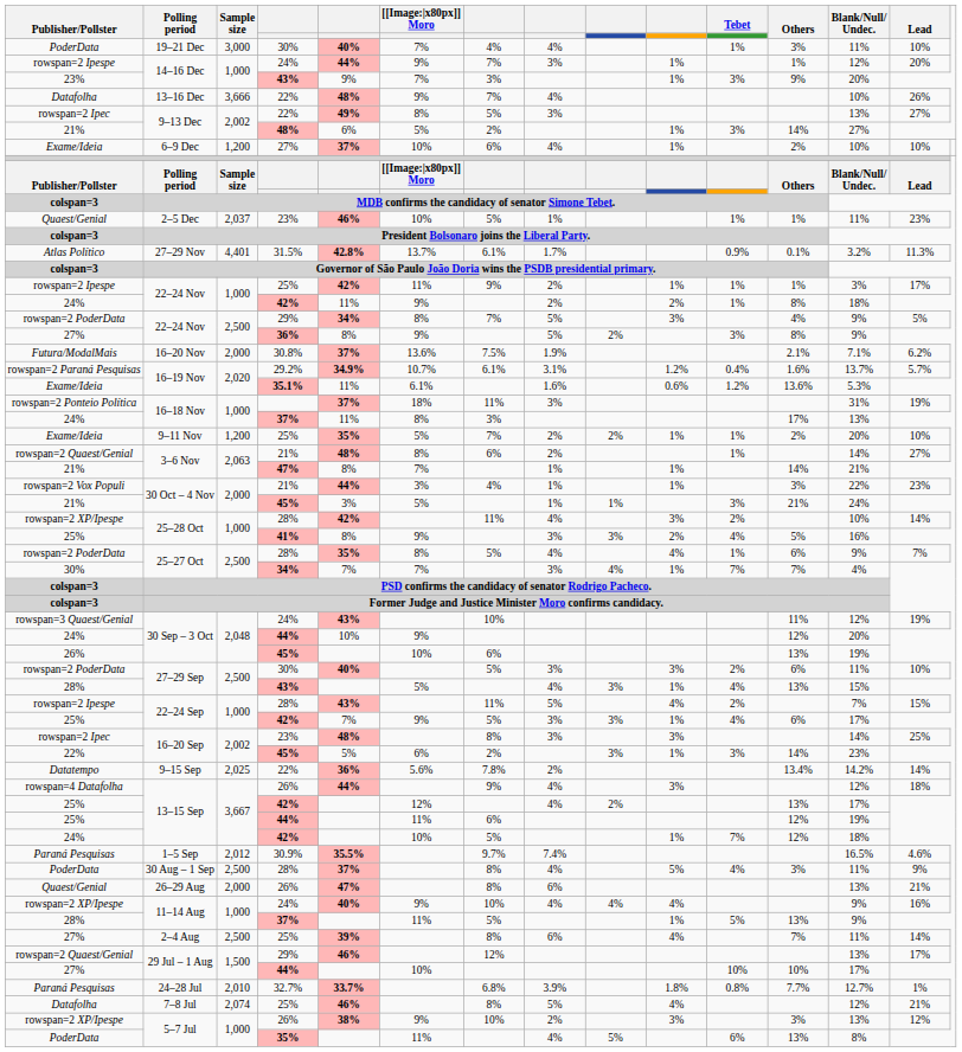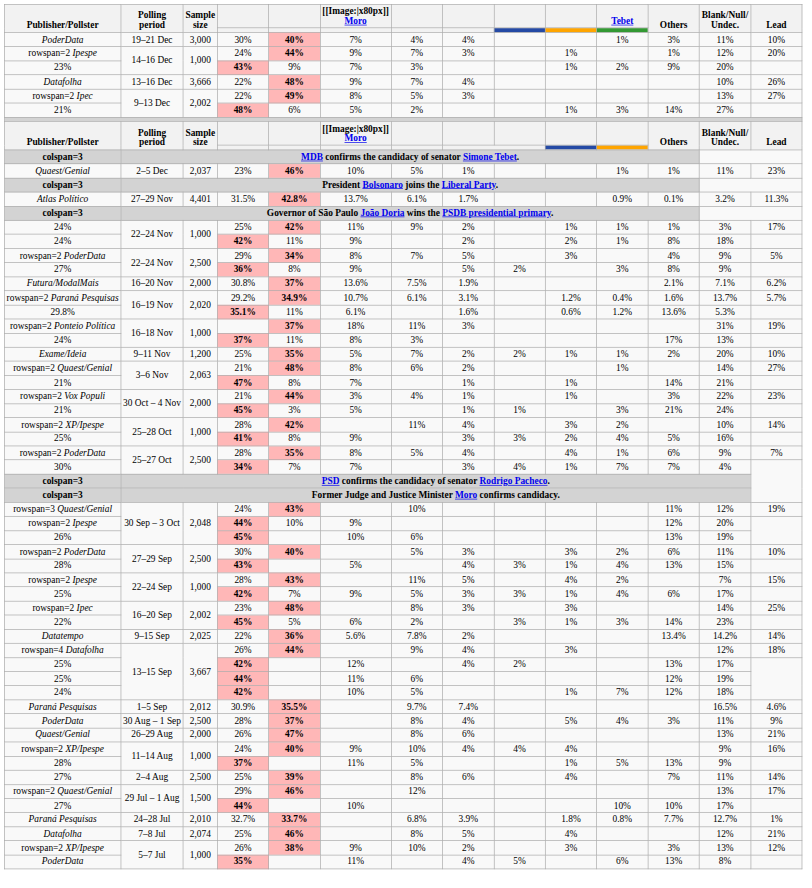 <table class="nowrap wikitable" style=text-align:center;font-size:85%;line-height:14px>
 <tr style=vertical-align:bottom>
 <th rowspan=2>Publisher/Pollster</th>
 <th rowspan=2>Polling<br>period</th>
 <th rowspan=2>Sample<br>size</th>
 <th style=width:5em><br></th>
 <th style=width:5em><br></th>
 <th style=width:5em>[[Image:|x80px]]<br><a href='#'>Moro</a><br></th>
 <th style=width:5em><br></th>
 <th style=width:5em><br></th>
 <th style=width:5em><br></th>
 <th style=width:5em><br></th>
 <th style=width:5em><br><a href='#'>Tebet</a><br></th>
 <th style=width:5em rowspan=2>Others</th>
 <th style=width:5em rowspan=2>Blank/Null/<br>Undec.</th>
 <th style=width:5em rowspan=2>Lead</th>
 </tr>
 <tr>
 <th style=background:></th>
 <th style=background:></th>
 <th style=background:></th>
 <th style=background:></th>
 <th style=background:></th>
 <th style=background:#254AA5></th>
 <th style=background:#FFA500></th>
 <th style=background:#339933></th>
 </tr>
 <tr>
 <td> <em>PoderData</em></td>
 <td>19–21 Dec</td>
 <td>3,000</td>
 <td>30%</td>
 <td style=background:#ffb7b7;font-weight:bold>40%</td>
 <td>7%</td>
 <td>4%</td>
 <td>4%</td>
 <td></td>
 <td></td>
 <td>1%</td>
 <td>3%</td>
 <td>11%</td>
 <td style=background:>10%</td>
 </tr>
 <tr>
 <td>rowspan=2  <em>Ipespe</em></td>
 <td rowspan=2>14–16 Dec</td>
 <td rowspan=2>1,000</td>
 <td>24%</td>
 <td style=background:#ffb7b7;font-weight:bold>44%</td>
 <td>9%</td>
 <td>7%</td>
 <td>3%</td>
 <td></td>
 <td>1%</td>
 <td></td>
 <td>1%</td>
 <td>12%</td>
 <td style=background:>20%</td>
 </tr>
 <tr>
 <td>23%</td>
 <td style=background:#ffb7b7;font-weight:bold>43%</td>
 <td>9%</td>
 <td>7%</td>
 <td>3%</td>
 <td></td>
 <td></td>
 <td>1%</td>
-<td>3%</td>
+<td>2%</td>
 <td>9%</td>
 <td style=background:>20%</td>
 </tr>
 <tr>
 <td> <em>Datafolha</em></td>
 <td>13–16 Dec</td>
 <td>3,666</td>
 <td>22%</td>
 <td style=background:#ffb7b7;font-weight:bold>48%</td>
 <td>9%</td>
 <td>7%</td>
 <td>4%</td>
 <td></td>
 <td></td>
 <td></td>
 <td></td>
 <td>10%</td>
 <td style=background:>26%</td>
 </tr>
 <tr>
 <td>rowspan=2  <em>Ipec</em></td>
 <td rowspan=2>9–13 Dec</td>
 <td rowspan=2>2,002</td>
 <td>22%</td>
 <td style=background:#ffb7b7;font-weight:bold>49%</td>
 <td>8%</td>
 <td>5%</td>
 <td>3%</td>
 <td></td>
 <td></td>
 <td></td>
 <td></td>
 <td>13%</td>
 <td style=background:>27%</td>
 </tr>
 <tr>
 <td>21%</td>
 <td style=background:#ffb7b7;font-weight:bold>48%</td>
 <td>6%</td>
 <td>5%</td>
 <td>2%</td>
 <td></td>
 <td></td>
 <td>1%</td>
 <td>3%</td>
 <td>14%</td>
 <td style=background:>27%</td>
-</tr>
-<tr>
-<td> <em>Exame/Ideia</em></td>
-<td>6–9 Dec</td>
-<td>1,200</td>
-<td>27%</td>
-<td style=background:#ffb7b7;font-weight:bold>37%</td>
-<td>10%</td>
-<td>6%</td>
-<td>4%</td>
-<td></td>
-<td>1%</td>
-<td></td>
-<td>2%</td>
-<td>10%</td>
-<td style=background:>10%</td>
-<td></td>
 </tr>
 <tr>
 <td colspan=14 style=background:lightgrey;></td>
 </tr>
 <tr style=vertical-align:bottom>
 <th rowspan=2>Publisher/Pollster</th>
 <th rowspan=2>Polling<br>period</th>
 <th rowspan=2>Sample<br>size</th>
 <th style=width:5em><br></th>
 <th style=width:5em><br></th>
 <th style=width:5em>[[Image:|x80px]]<br><a href='#'>Moro</a><br></th>
 <th style=width:5em><br></th>
 <th style=width:5em><br></th>
 <th style=width:5em><br></th>
 <th style=width:5em><br></th>
 <th style=width:5em><br></th>
 <th style=width:5em rowspan=2>Others<br></th>
 <th style=width:5em rowspan=2>Blank/Null/<br>Undec.</th>
 <th style=width:5em rowspan=2>Lead</th>
 </tr>
 <tr>
 <th style=background:></th>
 <th style=background:></th>
 <th style=background:></th>
 <th style=background:></th>
 <th colspan=2 style=background:></th>
 <th style=background:#254AA5></th>
 <th style=background:#FFA500></th>
 </tr>
 <tr style=background:lightgrey;font-weight:bold>
 <td>colspan=3 </td>
 <td colspan=11 class=wrap><a href='#'>MDB</a> confirms the candidacy of senator <a href='#'>Simone Tebet</a>.</td>
 </tr>
 <tr>
 <td> <em>Quaest/Genial</em></td>
 <td>2–5 Dec</td>
 <td>2,037</td>
 <td>23%</td>
 <td style=background:#ffb7b7;font-weight:bold>46%</td>
 <td>10%</td>
 <td>5%</td>
 <td>1%</td>
 <td></td>
 <td></td>
 <td>1%</td>
 <td>1%</td>
 <td>11%</td>
 <td style=background:>23%</td>
 </tr>
 <tr style=background:lightgrey;font-weight:bold>
 <td>colspan=3 </td>
 <td colspan=11 class=wrap>President <a href='#'>Bolsonaro</a> joins the <a href='#'>Liberal Party</a>.</td>
 </tr>
 <tr>
 <td> <em>Atlas Político</em></td>
 <td>27–29 Nov</td>
 <td>4,401</td>
 <td>31.5%</td>
 <td style=background:#ffb7b7;font-weight:bold>42.8%</td>
 <td>13.7%</td>
 <td>6.1%</td>
 <td>1.7%</td>
 <td></td>
 <td></td>
 <td>0.9%</td>
 <td>0.1%</td>
 <td>3.2%</td>
 <td style=background:>11.3%</td>
 </tr>
 <tr style=background:lightgrey;font-weight:bold>
 <td>colspan=3 </td>
 <td colspan=11 class=wrap>Governor of São Paulo <a href='#'>João Doria</a> wins the <a href='#'>PSDB presidential primary</a>.</td>
 </tr>
 <tr>
-<td>rowspan=2  <em>Ipespe</em></td>
+<td>24%</td>
 <td rowspan=2>22–24 Nov</td>
 <td rowspan=2>1,000</td>
 <td>25%</td>
 <td style=background:#ffb7b7;font-weight:bold>42%</td>
 <td>11%</td>
 <td>9%</td>
 <td>2%</td>
 <td></td>
 <td>1%</td>
 <td>1%</td>
 <td>1%</td>
 <td>3%</td>
 <td style=background:>17%</td>
 </tr>
 <tr>
 <td>24%</td>
 <td style=background:#ffb7b7;font-weight:bold>42%</td>
 <td>11%</td>
 <td>9%</td>
 <td></td>
 <td>2%</td>
 <td></td>
 <td>2%</td>
 <td>1%</td>
 <td>8%</td>
 <td style=background:>18%</td>
 </tr>
 <tr>
 <td>rowspan=2  <em>PoderData</em></td>
 <td rowspan=2>22–24 Nov</td>
 <td rowspan=2>2,500</td>
 <td>29%</td>
 <td style=background:#ffb7b7;font-weight:bold>34%</td>
 <td>8%</td>
 <td>7%</td>
 <td>5%</td>
 <td></td>
 <td>3%</td>
 <td></td>
 <td>4%</td>
 <td>9%</td>
 <td style=background:>5%</td>
 </tr>
 <tr>
 <td>27%</td>
 <td style=background:#ffb7b7;font-weight:bold>36%</td>
 <td>8%</td>
 <td>9%</td>
 <td></td>
 <td>5%</td>
 <td>2%</td>
 <td></td>
 <td>3%</td>
 <td>8%</td>
 <td style=background:>9%</td>
 </tr>
 <tr>
 <td> <em>Futura/ModalMais</em></td>
 <td>16–20 Nov</td>
 <td>2,000</td>
 <td>30.8%</td>
 <td style=background:#ffb7b7;font-weight:bold>37%</td>
 <td>13.6%</td>
 <td>7.5%</td>
 <td>1.9%</td>
 <td></td>
 <td></td>
 <td></td>
 <td>2.1%</td>
 <td>7.1%</td>
 <td style=background:>6.2%</td>
 </tr>
 <tr>
 <td>rowspan=2  <em>Paraná Pesquisas</em></td>
 <td rowspan=2>16–19 Nov</td>
 <td rowspan=2>2,020</td>
 <td>29.2%</td>
 <td style=background:#ffb7b7;font-weight:bold>34.9%</td>
 <td>10.7%</td>
 <td>6.1%</td>
 <td>3.1%</td>
 <td></td>
 <td>1.2%</td>
 <td>0.4%</td>
 <td>1.6%</td>
 <td>13.7%</td>
 <td style=background:>5.7%</td>
 </tr>
 <tr>
-<td> <em>Exame/Ideia</em></td>
+<td>29.8%</td>
 <td style=background:#ffb7b7;font-weight:bold>35.1%</td>
 <td>11%</td>
 <td>6.1%</td>
 <td></td>
 <td>1.6%</td>
 <td></td>
 <td>0.6%</td>
 <td>1.2%</td>
 <td>13.6%</td>
 <td style=background:>5.3%</td>
 </tr>
 <tr>
 <td>rowspan=2  <em>Ponteio Política</em></td>
 <td rowspan=2>16–18 Nov</td>
 <td rowspan=2>1,000</td>
 <td></td>
 <td style=background:#ffb7b7;font-weight:bold>37%</td>
 <td>18%</td>
 <td>11%</td>
 <td>3%</td>
 <td></td>
 <td></td>
 <td></td>
 <td></td>
 <td>31%</td>
 <td style=background:>19%</td>
 </tr>
 <tr>
 <td>24%</td>
 <td style=background:#ffb7b7;font-weight:bold>37%</td>
 <td>11%</td>
 <td>8%</td>
 <td>3%</td>
 <td></td>
 <td></td>
 <td></td>
 <td></td>
 <td>17%</td>
 <td style=background:>13%</td>
 </tr>
 <tr>
 <td> <em>Exame/Ideia</em></td>
 <td>9–11 Nov</td>
 <td>1,200</td>
 <td>25%</td>
 <td style=background:#ffb7b7;font-weight:bold>35%</td>
 <td>5%</td>
 <td>7%</td>
 <td>2%</td>
 <td>2%</td>
 <td>1%</td>
 <td>1%</td>
 <td>2%</td>
 <td>20%</td>
 <td style=background:>10%</td>
 </tr>
 <tr>
 <td>rowspan=2  <em>Quaest/Genial</em></td>
 <td rowspan=2>3–6 Nov</td>
 <td rowspan=2>2,063</td>
 <td>21%</td>
 <td style=background:#ffb7b7;font-weight:bold>48%</td>
 <td>8%</td>
 <td>6%</td>
 <td>2%</td>
 <td></td>
 <td></td>
 <td>1%</td>
 <td></td>
 <td>14%</td>
 <td style=background:>27%</td>
 </tr>
 <tr>
 <td>21%</td>
 <td style=background:#ffb7b7;font-weight:bold>47%</td>
 <td>8%</td>
 <td>7%</td>
 <td></td>
 <td>1%</td>
 <td></td>
 <td>1%</td>
 <td></td>
 <td>14%</td>
 <td style=background:>21%</td>
 </tr>
 <tr>
 <td>rowspan=2  <em>Vox Populi</em></td>
 <td rowspan=2>30 Oct – 4 Nov</td>
 <td rowspan=2>2,000</td>
 <td>21%</td>
 <td style=background:#ffb7b7;font-weight:bold>44%</td>
 <td>3%</td>
 <td>4%</td>
 <td>1%</td>
 <td></td>
 <td>1%</td>
 <td></td>
 <td>3%</td>
 <td>22%</td>
 <td style=background:>23%</td>
 </tr>
 <tr>
 <td>21%</td>
 <td style=background:#ffb7b7;font-weight:bold>45%</td>
 <td>3%</td>
 <td>5%</td>
 <td></td>
 <td>1%</td>
 <td>1%</td>
 <td></td>
 <td>3%</td>
 <td>21%</td>
 <td style=background:>24%</td>
 </tr>
 <tr>
 <td>rowspan=2  <em>XP/Ipespe</em></td>
 <td rowspan=2>25–28 Oct</td>
 <td rowspan=2>1,000</td>
 <td>28%</td>
 <td style=background:#ffb7b7;font-weight:bold>42%</td>
 <td></td>
 <td>11%</td>
 <td>4%</td>
 <td></td>
 <td>3%</td>
 <td>2%</td>
 <td></td>
 <td>10%</td>
 <td style=background:>14%</td>
 </tr>
 <tr>
 <td>25%</td>
 <td style=background:#ffb7b7;font-weight:bold>41%</td>
 <td>8%</td>
 <td>9%</td>
 <td></td>
 <td>3%</td>
 <td>3%</td>
 <td>2%</td>
 <td>4%</td>
 <td>5%</td>
 <td style=background:>16%</td>
 </tr>
 <tr>
 <td>rowspan=2  <em>PoderData</em></td>
 <td rowspan=2>25–27 Oct</td>
 <td rowspan=2>2,500</td>
 <td>28%</td>
 <td style=background:#ffb7b7;font-weight:bold>35%</td>
 <td>8%</td>
 <td>5%</td>
 <td>4%</td>
 <td></td>
 <td>4%</td>
 <td>1%</td>
 <td>6%</td>
 <td>9%</td>
 <td style=background:>7%</td>
 </tr>
 <tr>
 <td>30%</td>
 <td style=background:#ffb7b7;font-weight:bold>34%</td>
 <td>7%</td>
 <td>7%</td>
 <td></td>
 <td>3%</td>
 <td>4%</td>
 <td>1%</td>
 <td>7%</td>
 <td>7%</td>
 <td style=background:>4%</td>
 </tr>
 <tr style=background:lightgrey;font-weight:bold>
 <td>colspan=3 </td>
 <td colspan=12 style=font-weight:bold; align=center><a href='#'>PSD</a> confirms the candidacy of senator <a href='#'>Rodrigo Pacheco</a>.</td>
 </tr>
 <tr style=background:lightgrey;font-weight:bold>
 <td>colspan=3 </td>
 <td colspan=12 style=font-weight:bold; align=center>Former Judge and Justice Minister <a href='#'>Moro</a> confirms candidacy.</td>
 </tr>
 <tr>
 <td>rowspan=3  <em>Quaest/Genial</em></td>
 <td rowspan=3>30 Sep – 3 Oct</td>
 <td rowspan=3>2,048</td>
 <td>24%</td>
 <td style=background:#ffb7b7;font-weight:bold>43%</td>
 <td></td>
 <td>10%</td>
 <td></td>
 <td></td>
 <td></td>
 <td></td>
 <td>11%</td>
 <td>12%</td>
 <td style=background:>19%</td>
 </tr>
 <tr>
-<td>24%</td>
+<td>rowspan=2  <em>Ipespe</em></td>
 <td style=background:#ffb7b7;font-weight:bold>44%</td>
 <td>10%</td>
 <td>9%</td>
 <td></td>
 <td></td>
 <td></td>
 <td></td>
 <td></td>
 <td>12%</td>
 <td style=background:>20%</td>
 </tr>
 <tr>
 <td>26%</td>
 <td style=background:#ffb7b7;font-weight:bold>45%</td>
 <td></td>
 <td>10%</td>
 <td>6%</td>
 <td></td>
 <td></td>
 <td></td>
 <td></td>
 <td>13%</td>
 <td style=background:>19%</td>
 </tr>
 <tr>
 <td>rowspan=2  <em>PoderData</em></td>
 <td rowspan=2>27–29 Sep</td>
 <td rowspan=2>2,500</td>
 <td>30%</td>
 <td style=background:#ffb7b7;font-weight:bold>40%</td>
 <td></td>
 <td>5%</td>
 <td>3%</td>
 <td></td>
 <td>3%</td>
 <td>2%</td>
 <td>6%</td>
 <td>11%</td>
 <td style=background:>10%</td>
 </tr>
 <tr>
 <td>28%</td>
 <td style=background:#ffb7b7;font-weight:bold>43%</td>
 <td></td>
 <td>5%</td>
 <td></td>
 <td>4%</td>
 <td>3%</td>
 <td>1%</td>
 <td>4%</td>
 <td>13%</td>
 <td style=background:>15%</td>
 </tr>
 <tr>
 <td>rowspan=2  <em>Ipespe</em></td>
 <td rowspan=2>22–24 Sep</td>
 <td rowspan=2>1,000</td>
 <td>28%</td>
 <td style=background:#ffb7b7;font-weight:bold>43%</td>
 <td></td>
 <td>11%</td>
 <td>5%</td>
 <td></td>
 <td>4%</td>
 <td>2%</td>
 <td></td>
 <td>7%</td>
 <td style=background:>15%</td>
 </tr>
 <tr>
 <td>25%</td>
 <td style=background:#ffb7b7;font-weight:bold>42%</td>
 <td>7%</td>
 <td>9%</td>
 <td>5%</td>
 <td>3%</td>
 <td>3%</td>
 <td>1%</td>
 <td>4%</td>
 <td>6%</td>
 <td style=background:>17%</td>
 </tr>
 <tr>
 <td>rowspan=2  <em>Ipec</em></td>
 <td rowspan=2>16–20 Sep</td>
 <td rowspan=2>2,002</td>
 <td>23%</td>
 <td style=background:#ffb7b7;font-weight:bold>48%</td>
 <td></td>
 <td>8%</td>
 <td>3%</td>
 <td></td>
 <td>3%</td>
 <td></td>
 <td></td>
 <td>14%</td>
 <td style=background:>25%</td>
 </tr>
 <tr>
 <td>22%</td>
 <td style=background:#ffb7b7;font-weight:bold>45%</td>
 <td>5%</td>
 <td>6%</td>
 <td>2%</td>
 <td></td>
 <td>3%</td>
 <td>1%</td>
 <td>3%</td>
 <td>14%</td>
 <td style=background:>23%</td>
 </tr>
 <tr>
 <td> <em>Datatempo</em></td>
 <td>9–15 Sep</td>
 <td>2,025</td>
 <td>22%</td>
 <td style=background:#ffb7b7;font-weight:bold>36%</td>
 <td>5.6%</td>
 <td>7.8%</td>
 <td>2%</td>
 <td></td>
 <td></td>
 <td></td>
 <td>13.4%</td>
 <td>14.2%</td>
 <td style=background:>14%</td>
 </tr>
 <tr>
 <td>rowspan=4  <em>Datafolha</em></td>
 <td rowspan=4>13–15 Sep</td>
 <td rowspan=4>3,667</td>
 <td>26%</td>
 <td style=background:#ffb7b7;font-weight:bold>44%</td>
 <td></td>
 <td>9%</td>
 <td>4%</td>
 <td></td>
 <td>3%</td>
 <td></td>
 <td></td>
 <td>12%</td>
 <td style=background:>18%</td>
 </tr>
 <tr>
 <td>25%</td>
 <td style=background:#ffb7b7;font-weight:bold>42%</td>
 <td></td>
 <td>12%</td>
 <td></td>
 <td>4%</td>
 <td>2%</td>
 <td></td>
 <td></td>
 <td>13%</td>
 <td style=background:>17%</td>
 </tr>
 <tr>
 <td>25%</td>
 <td style=background:#ffb7b7;font-weight:bold>44%</td>
 <td></td>
 <td>11%</td>
 <td>6%</td>
 <td></td>
 <td></td>
 <td></td>
 <td></td>
 <td>12%</td>
 <td style=background:>19%</td>
 </tr>
 <tr>
 <td>24%</td>
 <td style=background:#ffb7b7;font-weight:bold>42%</td>
 <td></td>
 <td>10%</td>
 <td>5%</td>
 <td></td>
 <td></td>
 <td>1%</td>
 <td>7%</td>
 <td>12%</td>
 <td style=background:>18%</td>
 </tr>
 <tr>
 <td> <em>Paraná Pesquisas</em></td>
 <td>1–5 Sep</td>
 <td>2,012</td>
 <td>30.9%</td>
 <td style=background:#ffb7b7;font-weight:bold>35.5%</td>
 <td></td>
 <td>9.7%</td>
 <td>7.4%</td>
 <td></td>
 <td></td>
 <td></td>
 <td></td>
 <td>16.5%</td>
 <td style=background:>4.6%</td>
 </tr>
 <tr>
 <td> <em>PoderData</em></td>
 <td>30 Aug – 1 Sep</td>
 <td>2,500</td>
 <td>28%</td>
 <td style=background:#ffb7b7;font-weight:bold>37%</td>
 <td></td>
 <td>8%</td>
 <td>4%</td>
 <td></td>
 <td>5%</td>
 <td>4%</td>
 <td>3%</td>
 <td>11%</td>
 <td style=background:>9%</td>
 </tr>
 <tr>
 <td> <em>Quaest/Genial</em></td>
 <td>26–29 Aug</td>
 <td>2,000</td>
 <td>26%</td>
 <td style=background:#ffb7b7;font-weight:bold>47%</td>
 <td></td>
 <td>8%</td>
 <td>6%</td>
 <td></td>
 <td></td>
 <td></td>
 <td></td>
 <td>13%</td>
 <td style=background:>21%</td>
 </tr>
 <tr>
 <td>rowspan=2  <em>XP/Ipespe</em></td>
 <td rowspan=2>11–14 Aug</td>
 <td rowspan=2>1,000</td>
 <td>24%</td>
 <td style=background:#ffb7b7;font-weight:bold>40%</td>
 <td>9%</td>
 <td>10%</td>
 <td>4%</td>
 <td>4%</td>
 <td>4%</td>
 <td></td>
 <td></td>
 <td>9%</td>
 <td style=background:>16%</td>
 </tr>
 <tr>
 <td>28%</td>
 <td style=background:#ffb7b7;font-weight:bold>37%</td>
 <td></td>
 <td>11%</td>
 <td>5%</td>
 <td></td>
 <td></td>
 <td>1%</td>
 <td>5%</td>
 <td>13%</td>
 <td style=background:>9%</td>
 </tr>
 <tr>
 <td>27%</td>
 <td>2–4 Aug</td>
 <td>2,500</td>
 <td>25%</td>
 <td style=background:#ffb7b7;font-weight:bold>39%</td>
 <td></td>
 <td>8%</td>
 <td>6%</td>
 <td></td>
 <td>4%</td>
 <td></td>
 <td>7%</td>
 <td>11%</td>
 <td style=background:>14%</td>
 </tr>
 <tr>
 <td>rowspan=2  <em>Quaest/Genial</em></td>
 <td rowspan=2>29 Jul – 1 Aug</td>
 <td rowspan=2>1,500</td>
 <td>29%</td>
 <td style=background:#ffb7b7;font-weight:bold>46%</td>
 <td></td>
 <td>12%</td>
 <td></td>
 <td></td>
 <td></td>
 <td></td>
 <td></td>
 <td>13%</td>
 <td style=background:>17%</td>
 </tr>
 <tr>
 <td>27%</td>
 <td style=background:#ffb7b7;font-weight:bold>44%</td>
 <td></td>
 <td>10%</td>
 <td></td>
 <td></td>
 <td></td>
 <td></td>
 <td>10%</td>
 <td>10%</td>
 <td style=background:>17%</td>
 </tr>
 <tr>
 <td> <em>Paraná Pesquisas</em></td>
 <td>24–28 Jul</td>
 <td>2,010</td>
 <td>32.7%</td>
 <td style=background:#ffb7b7;font-weight:bold>33.7%</td>
 <td></td>
 <td>6.8%</td>
 <td>3.9%</td>
 <td></td>
 <td>1.8%</td>
 <td>0.8%</td>
 <td>7.7%</td>
 <td>12.7%</td>
 <td style=background:>1%</td>
 </tr>
 <tr>
 <td> <em>Datafolha</em></td>
 <td>7–8 Jul</td>
 <td>2,074</td>
 <td>25%</td>
 <td style=background:#ffb7b7;font-weight:bold>46%</td>
 <td></td>
 <td>8%</td>
 <td>5%</td>
 <td></td>
 <td>4%</td>
 <td></td>
 <td></td>
 <td>12%</td>
 <td style=background:>21%</td>
 </tr>
 <tr>
 <td>rowspan=2  <em>XP/Ipespe</em></td>
 <td rowspan=2>5–7 Jul</td>
 <td rowspan=2>1,000</td>
 <td>26%</td>
 <td style=background:#ffb7b7;font-weight:bold>38%</td>
 <td>9%</td>
 <td>10%</td>
 <td>2%</td>
 <td></td>
 <td>3%</td>
 <td></td>
 <td>3%</td>
 <td>13%</td>
 <td style=background:>12%</td>
 </tr>
 <tr>
 <td> <em>PoderData</em></td>
 <td style=background:#ffb7b7;font-weight:bold>35%</td>
 <td></td>
 <td>11%</td>
 <td></td>
 <td>4%</td>
 <td>5%</td>
 <td></td>
 <td>6%</td>
 <td>13%</td>
 <td style=background:>8%</td>
 </tr>
 </table>
